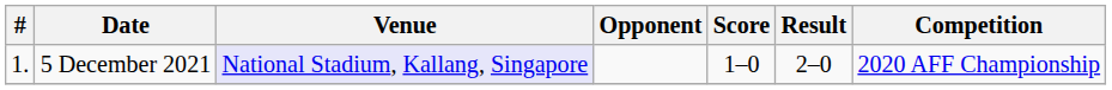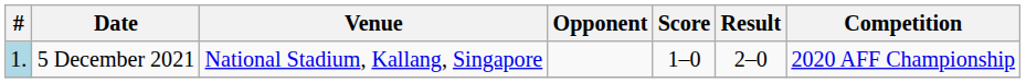 <table class="wikitable" style="font-size:95%;">
 <tr>
 <th>#</th>
 <th>Date</th>
 <th>Venue</th>
 <th>Opponent</th>
 <th>Score</th>
 <th>Result</th>
 <th>Competition</th>
 </tr>
 <tr>
-<td>1.</td>
+<td style="background: lightblue;">1.</td>
 <td>5 December 2021</td>
-<td style="background: lavender;"><a href='#'>National Stadium</a>, <a href='#'>Kallang</a>, <a href='#'>Singapore</a></td>
+<td><a href='#'>National Stadium</a>, <a href='#'>Kallang</a>, <a href='#'>Singapore</a></td>
 <td></td>
 <td align=center>1–0</td>
 <td align=center>2–0</td>
 <td><a href='#'>2020 AFF Championship</a></td>
 </tr>
 <tr>
 </tr>
 </table>
